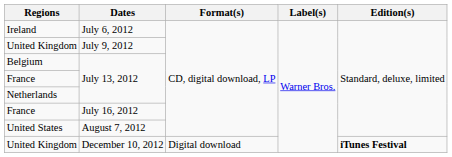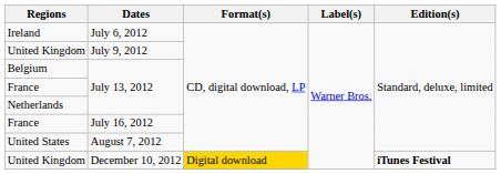 <table class="wikitable plainrowheaders">
 <tr>
 <th scope="col">Regions</th>
 <th scope="col">Dates</th>
 <th scope="col">Format(s)</th>
 <th scope="col">Label(s)</th>
 <th scope="col">Edition(s)</th>
 </tr>
 <tr>
 <td>Ireland</td>
 <td>July 6, 2012</td>
 <td rowspan="7">CD, digital download, <a href='#'>LP</a></td>
 <td rowspan="8"><a href='#'>Warner Bros.</a></td>
 <td rowspan="7">Standard, deluxe, limited</td>
 </tr>
 <tr>
 <td>United Kingdom</td>
 <td>July 9, 2012</td>
 </tr>
 <tr>
 <td>Belgium</td>
 <td rowspan="3">July 13, 2012</td>
 </tr>
 <tr>
 <td>France</td>
 </tr>
 <tr>
 <td>Netherlands</td>
 </tr>
 <tr>
 <td>France</td>
 <td>July 16, 2012</td>
 </tr>
 <tr>
 <td>United States</td>
 <td>August 7, 2012</td>
 </tr>
 <tr>
 <td>United Kingdom</td>
 <td>December 10, 2012</td>
-<td>Digital download</td>
+<td style="background: gold;">Digital download</td>
 <td><strong>iTunes Festival</strong></td>
 </tr>
 </table>
